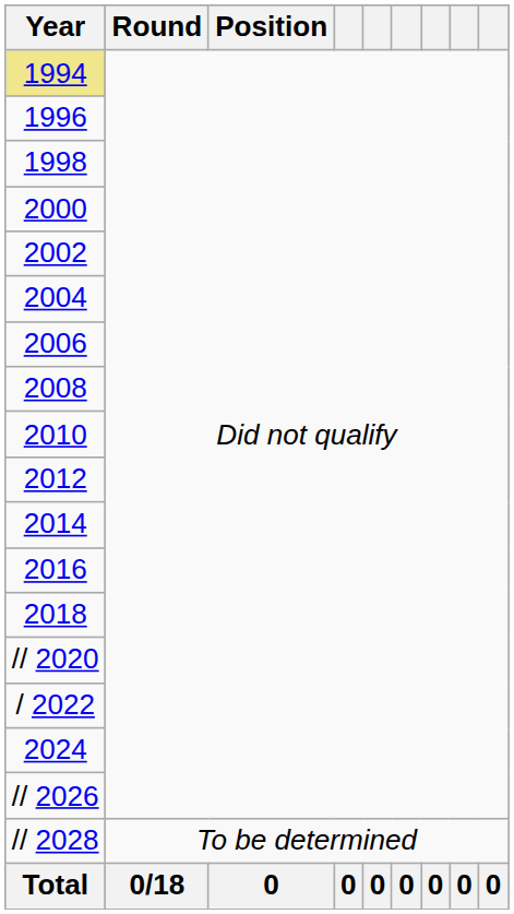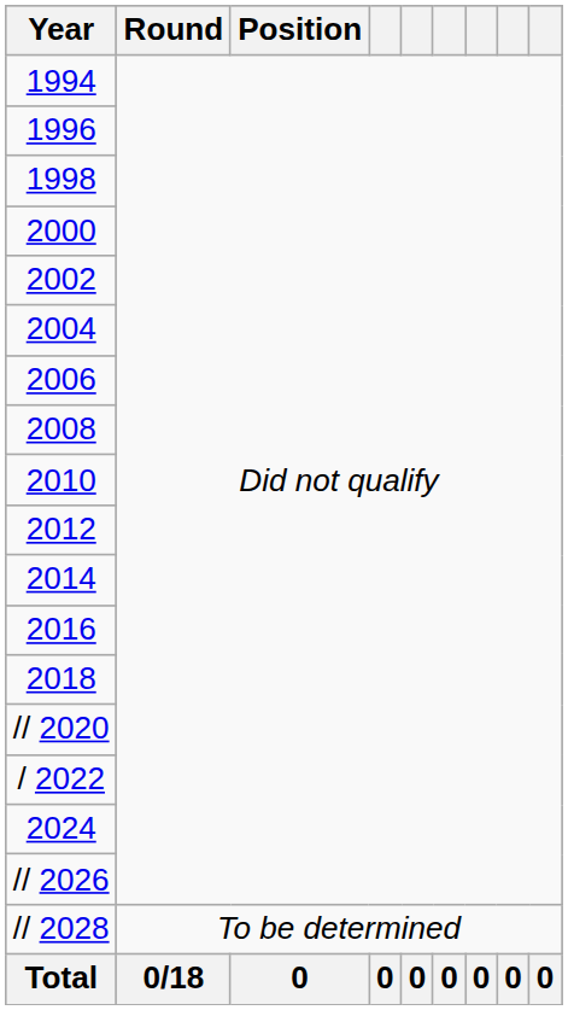 <table class="wikitable" style="text-align: center;">
 <tr>
 <th>Year</th>
 <th>Round</th>
 <th>Position</th>
 <th></th>
 <th></th>
 <th></th>
 <th></th>
 <th></th>
 <th></th>
 </tr>
 <tr>
-<td style="background: khaki;"> <a href='#'>1994</a></td>
+<td> <a href='#'>1994</a></td>
 <td rowspan=17 colspan=9><em>Did not qualify</em></td>
 </tr>
 <tr>
 <td> <a href='#'>1996</a></td>
 </tr>
 <tr>
 <td> <a href='#'>1998</a></td>
 </tr>
 <tr>
 <td> <a href='#'>2000</a></td>
 </tr>
 <tr>
 <td> <a href='#'>2002</a></td>
 </tr>
 <tr>
 <td> <a href='#'>2004</a></td>
 </tr>
 <tr>
 <td> <a href='#'>2006</a></td>
 </tr>
 <tr>
 <td> <a href='#'>2008</a></td>
 </tr>
 <tr>
 <td> <a href='#'>2010</a></td>
 </tr>
 <tr>
 <td> <a href='#'>2012</a></td>
 </tr>
 <tr>
 <td> <a href='#'>2014</a></td>
 </tr>
 <tr>
 <td> <a href='#'>2016</a></td>
 </tr>
 <tr>
 <td> <a href='#'>2018</a></td>
 </tr>
 <tr>
 <td>// <a href='#'>2020</a></td>
 </tr>
 <tr>
 <td>/ <a href='#'>2022</a></td>
 </tr>
 <tr>
 <td> <a href='#'>2024</a></td>
 </tr>
 <tr>
 <td>// <a href='#'>2026</a></td>
 </tr>
 <tr>
 <td>// <a href='#'>2028</a></td>
 <td colspan=9><em>To be determined</em></td>
 </tr>
 <tr>
 <th>Total</th>
 <th>0/18</th>
 <th>0</th>
 <th>0</th>
 <th>0</th>
 <th>0</th>
 <th>0</th>
 <th>0</th>
 <th>0</th>
 </tr>
 </table>
